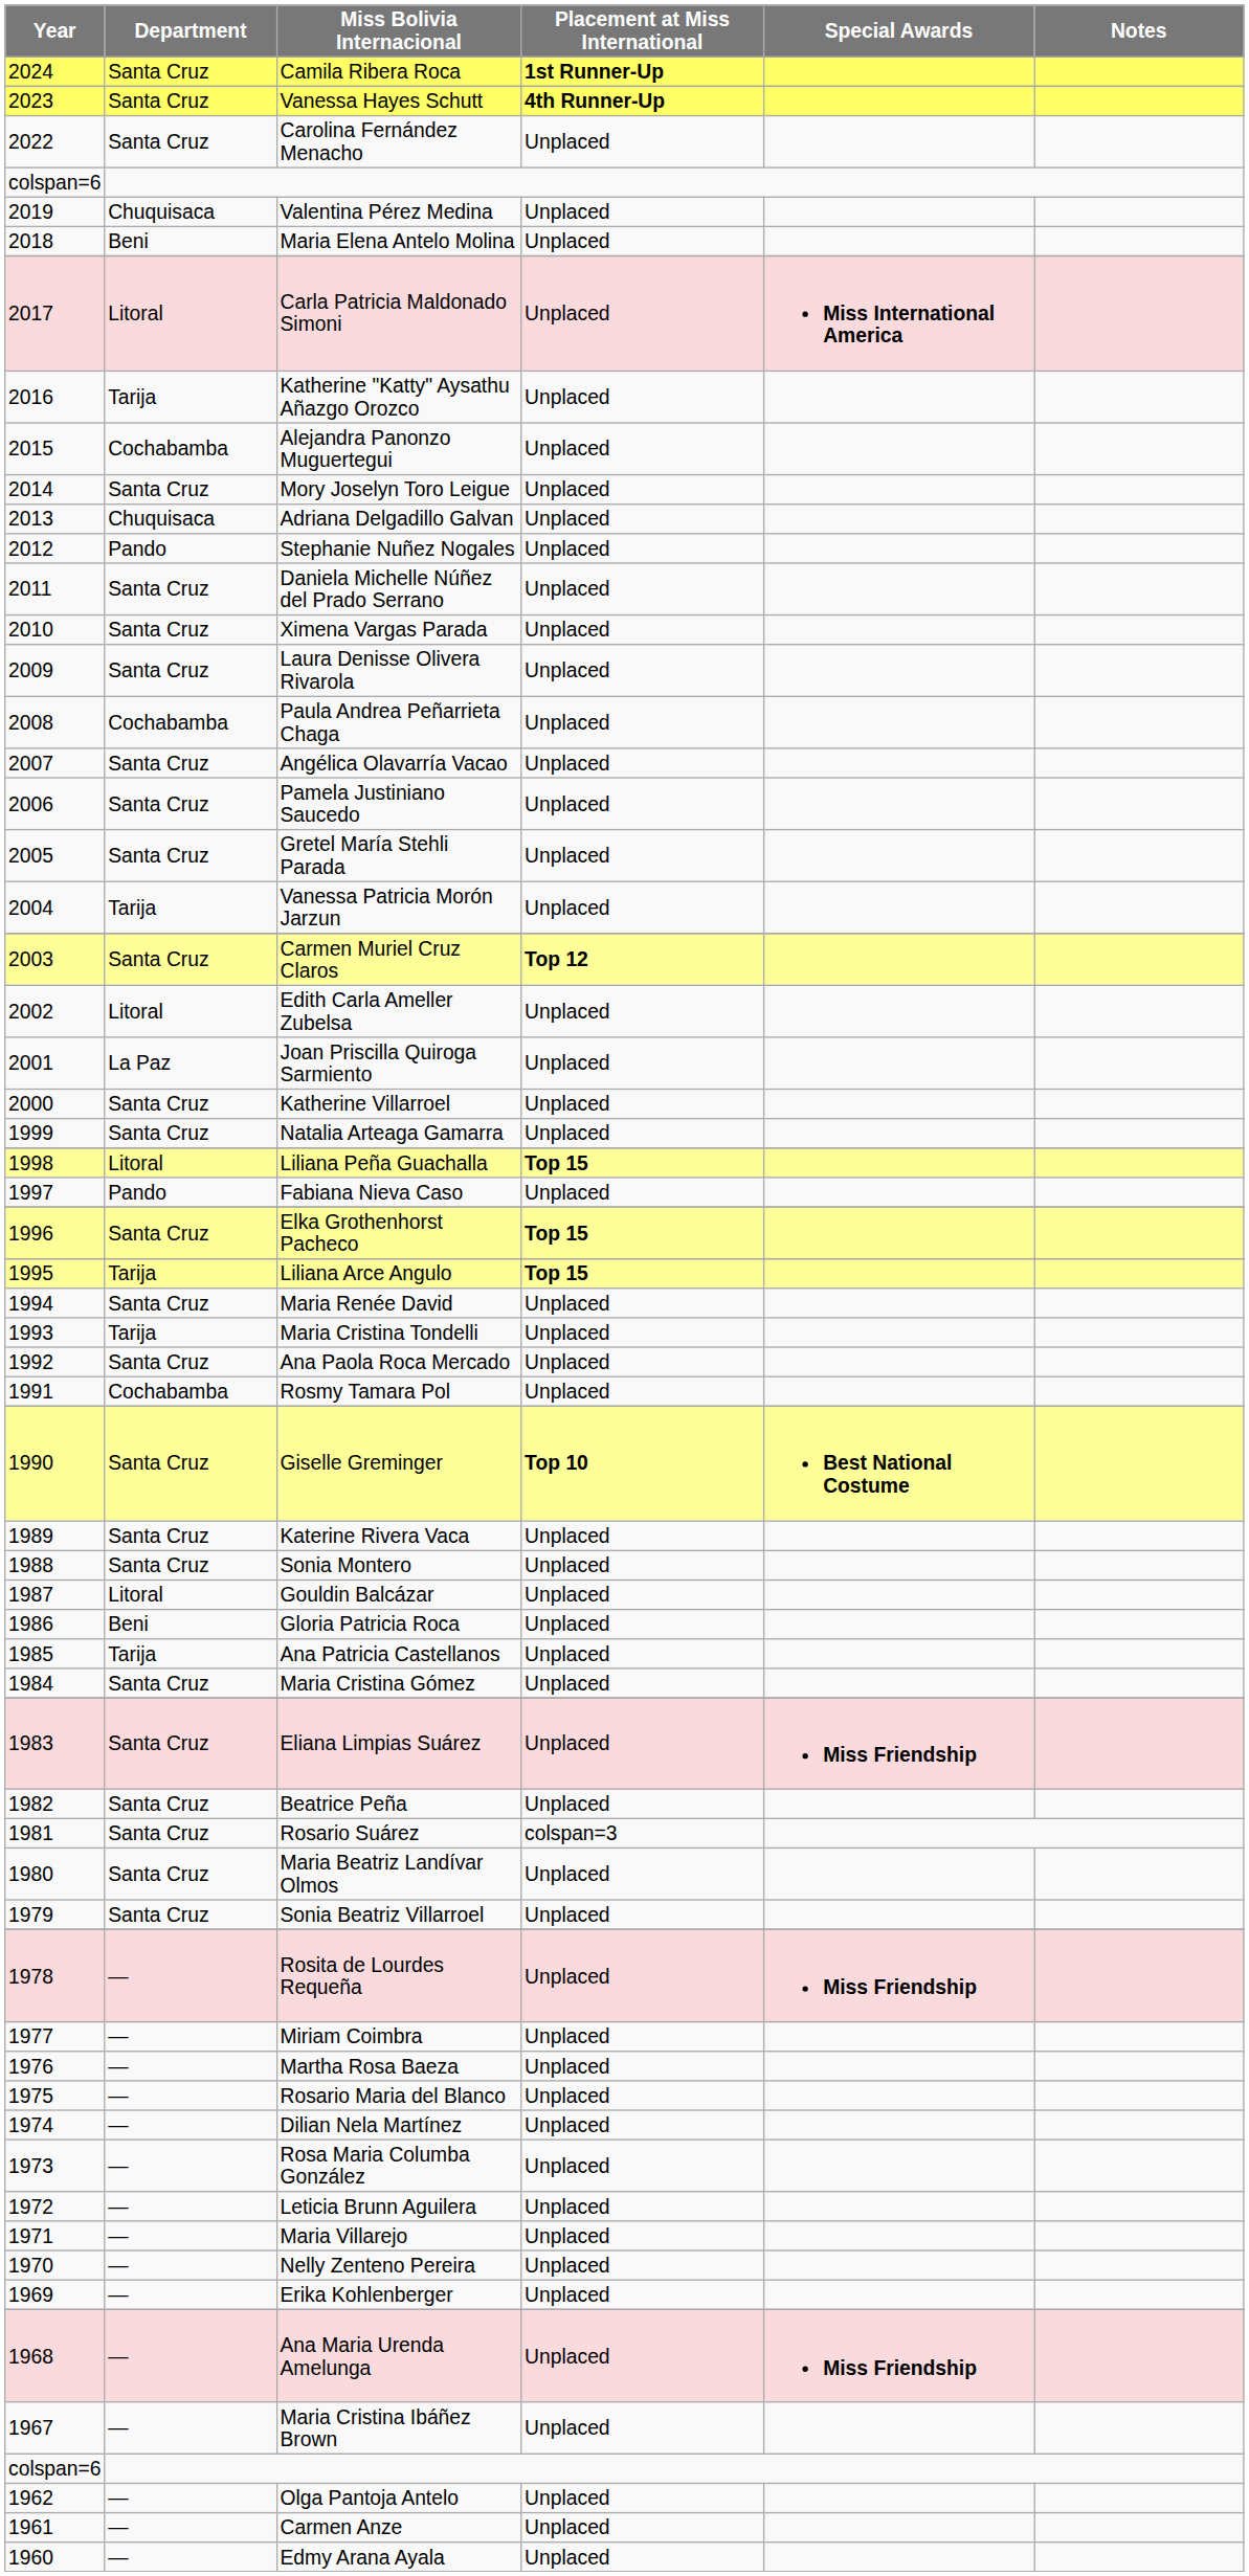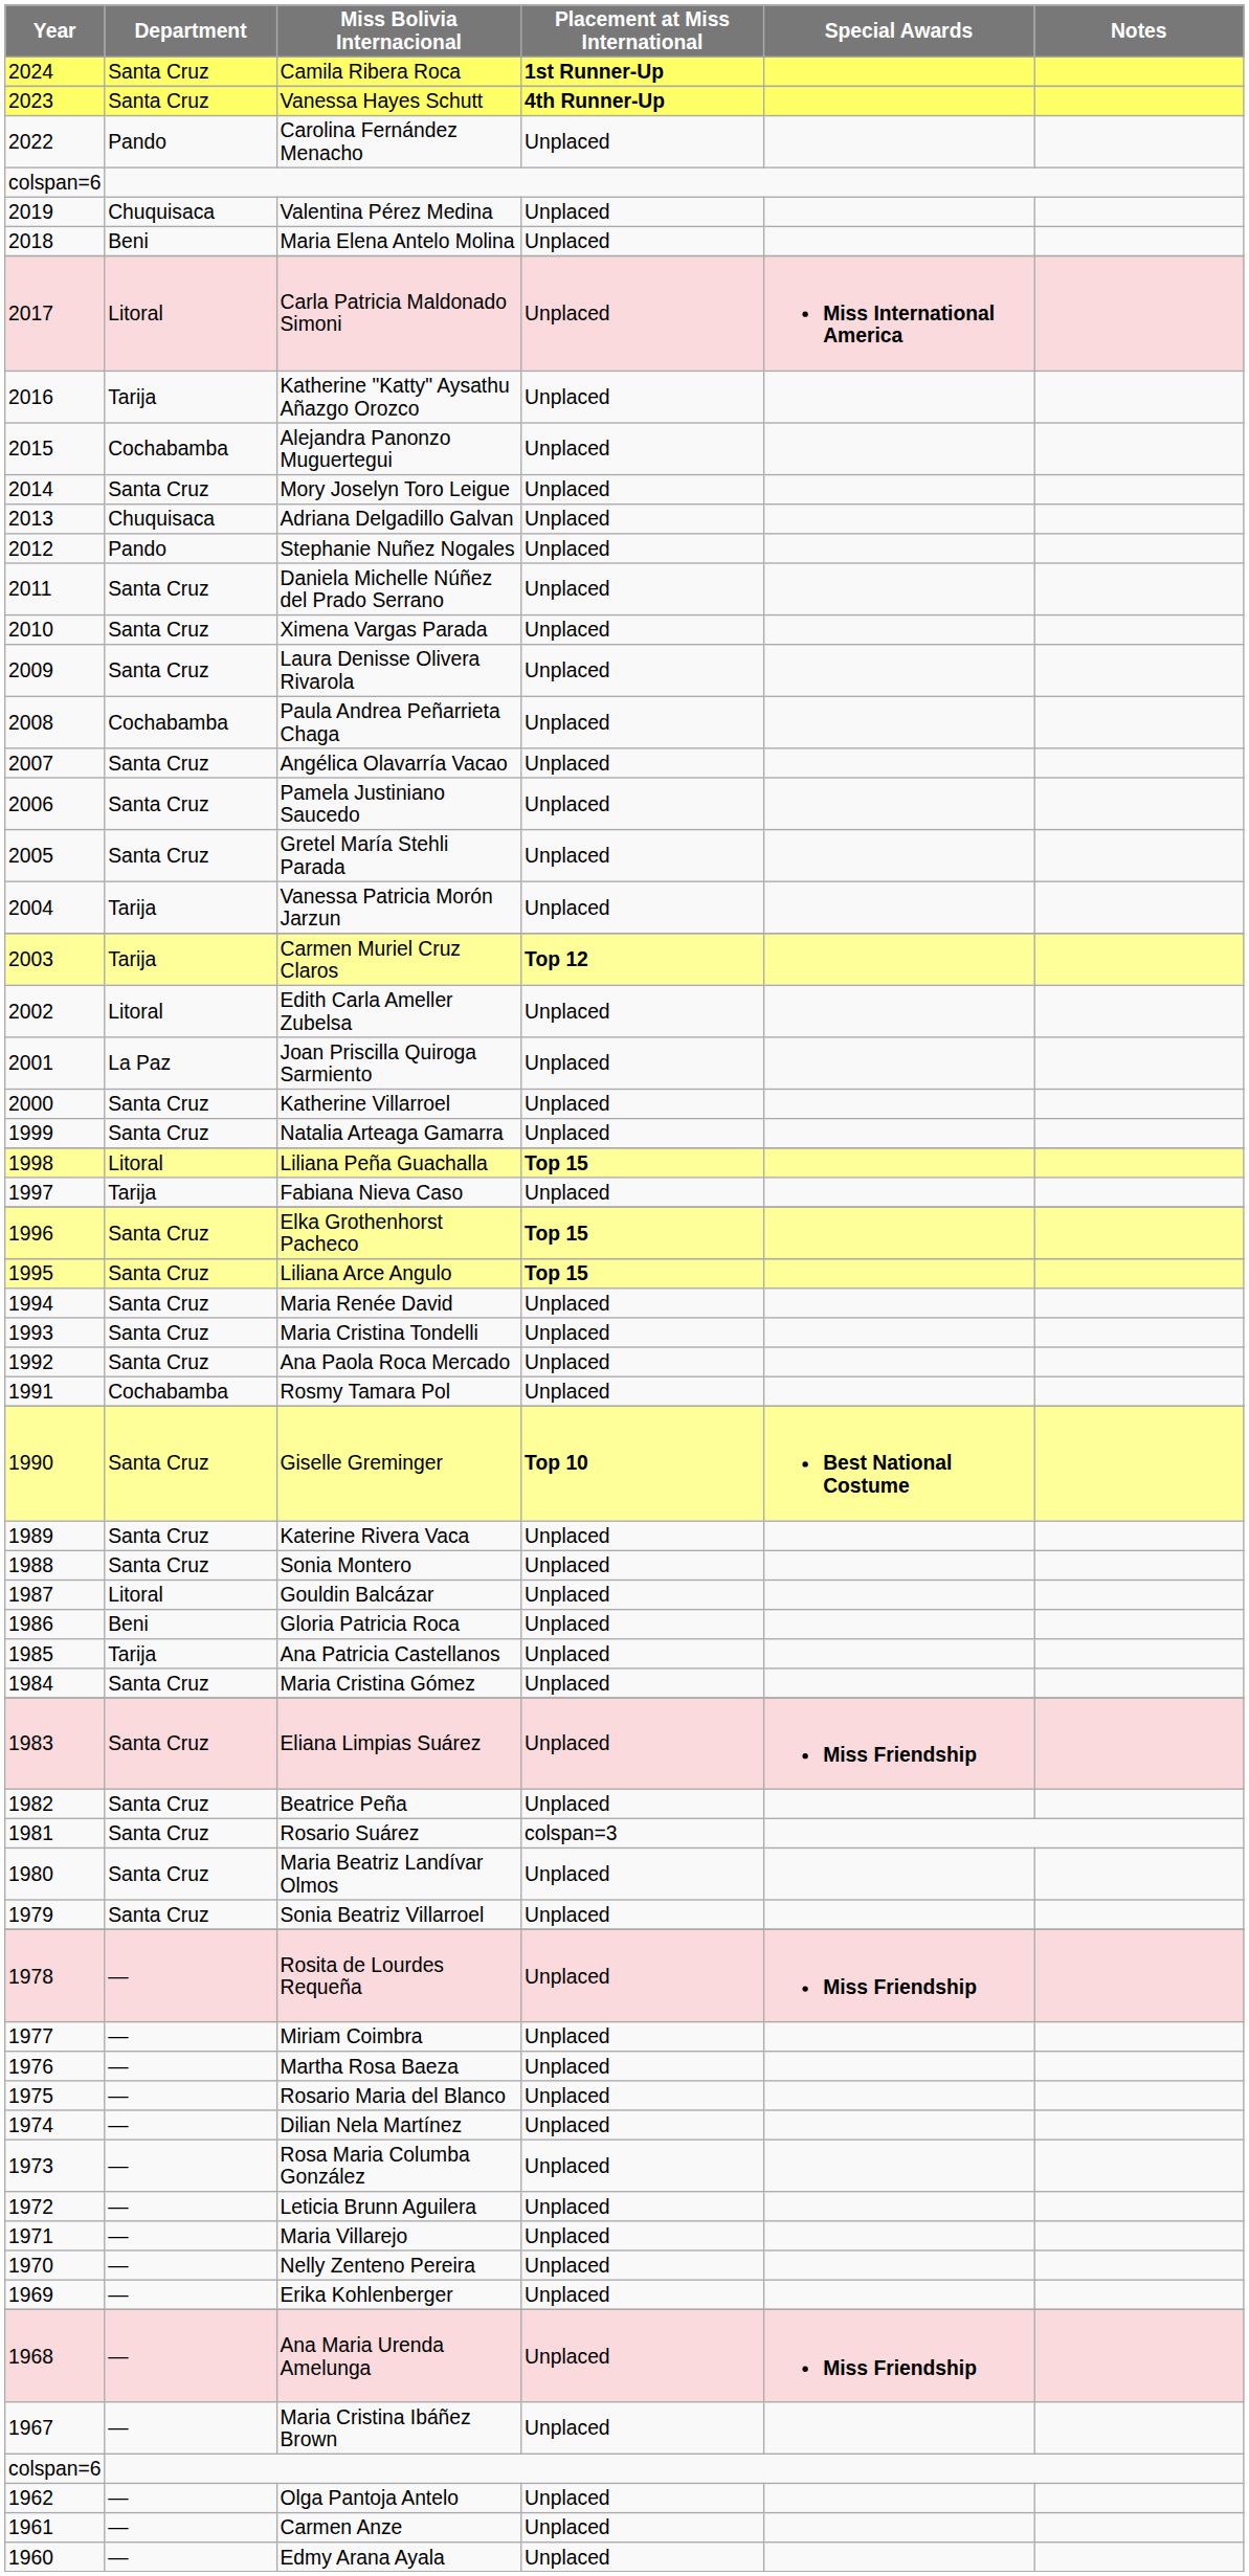 <table class="sortable" border="5" cellpadding="2" cellspacing="0" align=" 0 1em 0 0" style="background: #f9f9f9; border: 1px #aaa solid; border-collapse: collapse; font-size: 90%">
 <tr>
 <th width="60" style="background-color:#787878;color:#FFFFFF;">Year</th>
 <th width="150" style="background-color:#787878;color:#FFFFFF;">Department</th>
 <th width="250" style="background-color:#787878;color:#FFFFFF;">Miss Bolivia Internacional</th>
 <th width="250" style="background-color:#787878;color:#FFFFFF;">Placement at Miss International</th>
 <th width="250" style="background-color:#787878;color:#FFFFFF;">Special Awards</th>
 <th width="250" style="background-color:#787878;color:#FFFFFF;">Notes</th>
 </tr>
 <tr style="background-color:#FFFF66; ">
 <td>2024</td>
 <td>Santa Cruz</td>
 <td>Camila Ribera Roca</td>
 <td><strong>1st Runner-Up</strong></td>
 <td></td>
 <td></td>
 </tr>
 <tr>
 </tr>
 <tr style="background-color:#FFFF66; ">
 <td>2023</td>
 <td>Santa Cruz</td>
 <td>Vanessa Hayes Schutt</td>
 <td><strong>4th Runner-Up</strong></td>
 <td></td>
 <td></td>
 </tr>
 <tr>
 <td>2022</td>
-<td>Santa Cruz</td>
+<td>Pando</td>
 <td>Carolina Fernández Menacho</td>
 <td>Unplaced</td>
 <td></td>
 <td></td>
 </tr>
 <tr>
 <td>colspan=6 </td>
 </tr>
 <tr>
 <td>2019</td>
 <td>Chuquisaca</td>
 <td>Valentina Pérez Medina</td>
 <td>Unplaced</td>
 <td></td>
 <td></td>
 </tr>
 <tr>
 <td>2018</td>
 <td>Beni</td>
 <td>Maria Elena Antelo Molina</td>
 <td>Unplaced</td>
 <td></td>
 <td></td>
 </tr>
 <tr>
 </tr>
 <tr style="background-color:#FADADD; ">
 <td>2017</td>
 <td>Litoral</td>
 <td>Carla Patricia Maldonado Simoni</td>
 <td>Unplaced</td>
 <td align="left"><br><ul><li><strong>Miss International America</strong></li></ul></td>
 <td></td>
 </tr>
 <tr>
 <td>2016</td>
 <td>Tarija</td>
 <td>Katherine "Katty" Aysathu Añazgo Orozco</td>
 <td>Unplaced</td>
 <td></td>
 <td></td>
 </tr>
 <tr>
 <td>2015</td>
 <td>Cochabamba</td>
 <td>Alejandra Panonzo Muguertegui</td>
 <td>Unplaced</td>
 <td></td>
 <td></td>
 </tr>
 <tr>
 <td>2014</td>
 <td>Santa Cruz</td>
 <td>Mory Joselyn Toro Leigue</td>
 <td>Unplaced</td>
 <td></td>
 <td></td>
 </tr>
 <tr>
 <td>2013</td>
 <td>Chuquisaca</td>
 <td>Adriana Delgadillo Galvan</td>
 <td>Unplaced</td>
 <td></td>
 <td></td>
 </tr>
 <tr>
 <td>2012</td>
 <td>Pando</td>
 <td>Stephanie Nuñez Nogales</td>
 <td>Unplaced</td>
 <td></td>
 <td></td>
 </tr>
 <tr>
 <td>2011</td>
 <td>Santa Cruz</td>
 <td>Daniela Michelle Núñez del Prado Serrano</td>
 <td>Unplaced</td>
 <td></td>
 <td></td>
 </tr>
 <tr>
 <td>2010</td>
 <td>Santa Cruz</td>
 <td>Ximena Vargas Parada</td>
 <td>Unplaced</td>
 <td></td>
 <td></td>
 </tr>
 <tr>
 <td>2009</td>
 <td>Santa Cruz</td>
 <td>Laura Denisse Olivera Rivarola</td>
 <td>Unplaced</td>
 <td></td>
 <td></td>
 </tr>
 <tr>
 <td>2008</td>
 <td>Cochabamba</td>
 <td>Paula Andrea Peñarrieta Chaga</td>
 <td>Unplaced</td>
 <td></td>
 <td></td>
 </tr>
 <tr>
 <td>2007</td>
 <td>Santa Cruz</td>
 <td>Angélica Olavarría Vacao</td>
 <td>Unplaced</td>
 <td></td>
 <td></td>
 </tr>
 <tr>
 <td>2006</td>
 <td>Santa Cruz</td>
 <td>Pamela Justiniano Saucedo</td>
 <td>Unplaced</td>
 <td></td>
 <td></td>
 </tr>
 <tr>
 <td>2005</td>
 <td>Santa Cruz</td>
 <td>Gretel María Stehli Parada</td>
 <td>Unplaced</td>
 <td></td>
 <td></td>
 </tr>
 <tr>
 <td>2004</td>
 <td>Tarija</td>
 <td>Vanessa Patricia Morón Jarzun</td>
 <td>Unplaced</td>
 <td></td>
 <td></td>
 </tr>
 <tr>
 </tr>
 <tr style="background-color:#FFFF99; ">
 <td>2003</td>
-<td>Santa Cruz</td>
+<td>Tarija</td>
 <td>Carmen Muriel Cruz Claros</td>
 <td><strong>Top 12</strong></td>
 <td></td>
 <td></td>
 </tr>
 <tr>
 <td>2002</td>
 <td>Litoral</td>
 <td>Edith Carla Ameller Zubelsa</td>
 <td>Unplaced</td>
 <td></td>
 <td></td>
 </tr>
 <tr>
 <td>2001</td>
 <td>La Paz</td>
 <td>Joan Priscilla Quiroga Sarmiento</td>
 <td>Unplaced</td>
 <td></td>
 <td></td>
 </tr>
 <tr>
 <td>2000</td>
 <td>Santa Cruz</td>
 <td>Katherine Villarroel</td>
 <td>Unplaced</td>
 <td></td>
 <td></td>
 </tr>
 <tr>
 <td>1999</td>
 <td>Santa Cruz</td>
 <td>Natalia Arteaga Gamarra</td>
 <td>Unplaced</td>
 <td></td>
 <td></td>
 </tr>
 <tr>
 </tr>
 <tr style="background-color:#FFFF99; ">
 <td>1998</td>
 <td>Litoral</td>
 <td>Liliana Peña Guachalla</td>
 <td><strong>Top 15</strong></td>
 <td></td>
 <td></td>
 </tr>
 <tr>
 <td>1997</td>
-<td>Pando</td>
+<td>Tarija</td>
 <td>Fabiana Nieva Caso</td>
 <td>Unplaced</td>
 <td></td>
 <td></td>
 </tr>
 <tr>
 </tr>
 <tr style="background-color:#FFFF99; ">
 <td>1996</td>
 <td>Santa Cruz</td>
 <td>Elka Grothenhorst Pacheco</td>
 <td><strong>Top 15</strong></td>
 <td></td>
 <td></td>
 </tr>
 <tr>
 </tr>
 <tr style="background-color:#FFFF99; ">
 <td>1995</td>
-<td>Tarija</td>
+<td>Santa Cruz</td>
 <td>Liliana Arce Angulo</td>
 <td><strong>Top 15</strong></td>
 <td></td>
 <td></td>
 </tr>
 <tr>
 <td>1994</td>
 <td>Santa Cruz</td>
 <td>Maria Renée David</td>
 <td>Unplaced</td>
 <td></td>
 <td></td>
 </tr>
 <tr>
 <td>1993</td>
-<td>Tarija</td>
+<td>Santa Cruz</td>
 <td>Maria Cristina Tondelli</td>
 <td>Unplaced</td>
 <td></td>
 <td></td>
 </tr>
 <tr>
 <td>1992</td>
 <td>Santa Cruz</td>
 <td>Ana Paola Roca Mercado</td>
 <td>Unplaced</td>
 <td></td>
 <td></td>
 </tr>
 <tr>
 <td>1991</td>
 <td>Cochabamba</td>
 <td>Rosmy Tamara Pol</td>
 <td>Unplaced</td>
 <td></td>
 <td></td>
 </tr>
 <tr>
 </tr>
 <tr style="background-color:#FFFF99; ">
 <td>1990</td>
 <td>Santa Cruz</td>
 <td>Giselle Greminger</td>
 <td><strong>Top 10</strong></td>
 <td align="left"><br><ul><li><strong>Best National Costume</strong></li></ul></td>
 <td></td>
 </tr>
 <tr>
 <td>1989</td>
 <td>Santa Cruz</td>
 <td>Katerine Rivera Vaca</td>
 <td>Unplaced</td>
 <td></td>
 <td></td>
 </tr>
 <tr>
 <td>1988</td>
 <td>Santa Cruz</td>
 <td>Sonia Montero</td>
 <td>Unplaced</td>
 <td></td>
 <td></td>
 </tr>
 <tr>
 <td>1987</td>
 <td>Litoral</td>
 <td>Gouldin Balcázar</td>
 <td>Unplaced</td>
 <td></td>
 <td></td>
 </tr>
 <tr>
 <td>1986</td>
 <td>Beni</td>
 <td>Gloria Patricia Roca</td>
 <td>Unplaced</td>
 <td></td>
 <td></td>
 </tr>
 <tr>
 <td>1985</td>
 <td>Tarija</td>
 <td>Ana Patricia Castellanos</td>
 <td>Unplaced</td>
 <td></td>
 <td></td>
 </tr>
 <tr>
 <td>1984</td>
 <td>Santa Cruz</td>
 <td>Maria Cristina Gómez</td>
 <td>Unplaced</td>
 <td></td>
 <td></td>
 </tr>
 <tr>
 </tr>
 <tr style="background-color:#FADADD; ">
 <td>1983</td>
 <td>Santa Cruz</td>
 <td>Eliana Limpias Suárez</td>
 <td>Unplaced</td>
 <td align="left"><br><ul><li><strong>Miss Friendship</strong></li></ul></td>
 <td></td>
 </tr>
 <tr>
 <td>1982</td>
 <td>Santa Cruz</td>
 <td>Beatrice Peña</td>
 <td>Unplaced</td>
 <td></td>
 <td></td>
 </tr>
 <tr>
 <td>1981</td>
 <td>Santa Cruz</td>
 <td>Rosario Suárez</td>
 <td>colspan=3 </td>
 </tr>
 <tr>
 <td>1980</td>
 <td>Santa Cruz</td>
 <td>Maria Beatriz Landívar Olmos</td>
 <td>Unplaced</td>
 <td></td>
 <td></td>
 </tr>
 <tr>
 <td>1979</td>
 <td>Santa Cruz</td>
 <td>Sonia Beatriz Villarroel</td>
 <td>Unplaced</td>
 <td></td>
 <td></td>
 </tr>
 <tr>
 </tr>
 <tr style="background-color:#FADADD; ">
 <td>1978</td>
 <td>—</td>
 <td>Rosita de Lourdes Requeña</td>
 <td>Unplaced</td>
 <td align="left"><br><ul><li><strong>Miss Friendship</strong></li></ul></td>
 <td></td>
 </tr>
 <tr>
 <td>1977</td>
 <td>—</td>
 <td>Miriam Coimbra</td>
 <td>Unplaced</td>
 <td></td>
 <td></td>
 </tr>
 <tr>
 <td>1976</td>
 <td>—</td>
 <td>Martha Rosa Baeza</td>
 <td>Unplaced</td>
 <td></td>
 <td></td>
 </tr>
 <tr>
 <td>1975</td>
 <td>—</td>
 <td>Rosario Maria del Blanco</td>
 <td>Unplaced</td>
 <td></td>
 <td></td>
 </tr>
 <tr>
 <td>1974</td>
 <td>—</td>
 <td>Dilian Nela Martínez</td>
 <td>Unplaced</td>
 <td></td>
 <td></td>
 </tr>
 <tr>
 <td>1973</td>
 <td>—</td>
 <td>Rosa Maria Columba González</td>
 <td>Unplaced</td>
 <td></td>
 <td></td>
 </tr>
 <tr>
 <td>1972</td>
 <td>—</td>
 <td>Leticia Brunn Aguilera</td>
 <td>Unplaced</td>
 <td></td>
 <td></td>
 </tr>
 <tr>
 <td>1971</td>
 <td>—</td>
 <td>Maria Villarejo</td>
 <td>Unplaced</td>
 <td></td>
 <td></td>
 </tr>
 <tr>
 <td>1970</td>
 <td>—</td>
 <td>Nelly Zenteno Pereira</td>
 <td>Unplaced</td>
 <td></td>
 <td></td>
 </tr>
 <tr>
 <td>1969</td>
 <td>—</td>
 <td>Erika Kohlenberger</td>
 <td>Unplaced</td>
 <td></td>
 <td></td>
 </tr>
 <tr>
 </tr>
 <tr style="background-color:#FADADD; ">
 <td>1968</td>
 <td>—</td>
 <td>Ana Maria Urenda Amelunga</td>
 <td>Unplaced</td>
 <td align="left"><br><ul><li><strong>Miss Friendship</strong></li></ul></td>
 <td></td>
 </tr>
 <tr>
 <td>1967</td>
 <td>—</td>
 <td>Maria Cristina Ibáñez Brown</td>
 <td>Unplaced</td>
 <td></td>
 <td></td>
 </tr>
 <tr>
 <td>colspan=6 </td>
 </tr>
 <tr>
 <td>1962</td>
 <td>—</td>
 <td>Olga Pantoja Antelo</td>
 <td>Unplaced</td>
 <td></td>
 <td></td>
 </tr>
 <tr>
 <td>1961</td>
 <td>—</td>
 <td>Carmen Anze</td>
 <td>Unplaced</td>
 <td></td>
 <td></td>
 </tr>
 <tr>
 <td>1960</td>
 <td>—</td>
 <td>Edmy Arana Ayala</td>
 <td>Unplaced</td>
 <td></td>
 <td></td>
 </tr>
 <tr>
 </tr>
 </table>
